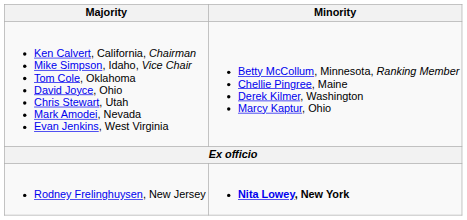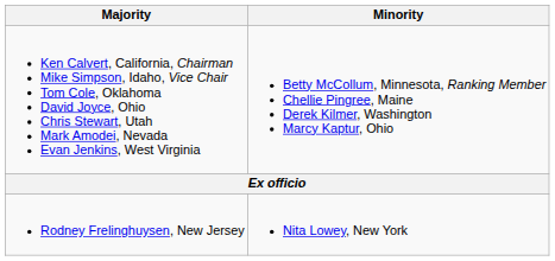 <table class=wikitable>
 <tr>
 <th>Majority</th>
 <th>Minority</th>
 </tr>
 <tr>
 <td><br><ul><li><a href='#'>Ken Calvert</a>, California, <em>Chairman</em></li><li><a href='#'>Mike Simpson</a>, Idaho, <em>Vice Chair</em></li><li><a href='#'>Tom Cole</a>, Oklahoma</li><li><a href='#'>David Joyce</a>, Ohio</li><li><a href='#'>Chris Stewart</a>, Utah</li><li><a href='#'>Mark Amodei</a>, Nevada</li><li><a href='#'>Evan Jenkins</a>, West Virginia</li></ul></td>
 <td><br><ul><li><a href='#'>Betty McCollum</a>, Minnesota, <em>Ranking Member</em></li><li><a href='#'>Chellie Pingree</a>, Maine</li><li><a href='#'>Derek Kilmer</a>, Washington</li><li><a href='#'>Marcy Kaptur</a>, Ohio</li></ul></td>
 </tr>
 <tr>
 <th colspan=2><em>Ex officio</em></th>
 </tr>
 <tr>
 <td><br><ul><li><a href='#'>Rodney Frelinghuysen</a>, New Jersey</li></ul></td>
-<td><strong><br><ul><li><a href='#'>Nita Lowey</a>, New York</li></ul></strong></td>
+<td><br><ul><li><a href='#'>Nita Lowey</a>, New York</li></ul></td>
 </tr>
 </table>
